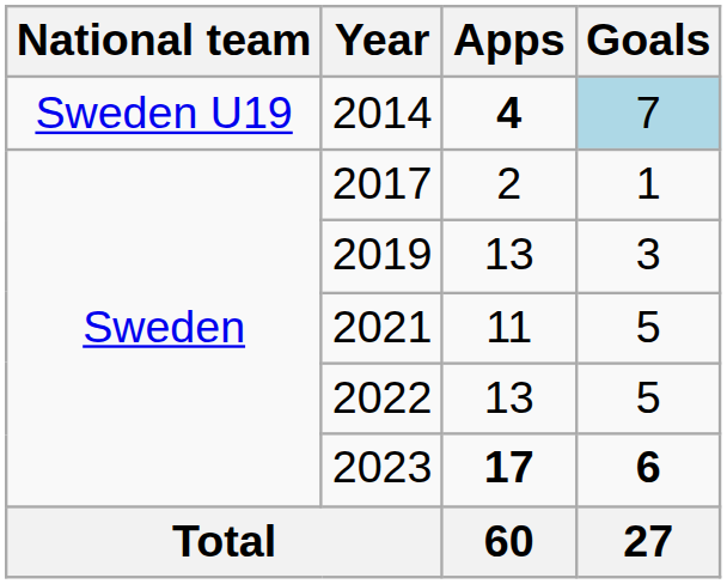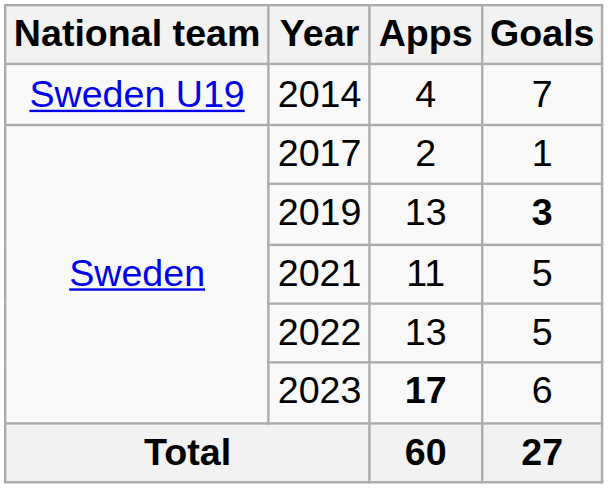 <table class="wikitable" style="text-align:center">
 <tr>
 <th>National team</th>
 <th>Year</th>
 <th>Apps</th>
 <th>Goals</th>
 </tr>
 <tr>
 <td><a href='#'>Sweden U19</a></td>
 <td>2014</td>
-<td><strong>4</strong></td>
-<td style="background: lightblue;">7</td>
+<td>4</td>
+<td>7</td>
 </tr>
 <tr>
 <td rowspan="5"><a href='#'>Sweden</a></td>
 <td>2017</td>
 <td>2</td>
 <td>1</td>
 </tr>
 <tr>
 <td>2019</td>
 <td>13</td>
-<td>3</td>
+<td><strong>3</strong></td>
 </tr>
 <tr>
 <td>2021</td>
 <td>11</td>
 <td>5</td>
 </tr>
 <tr>
 <td>2022</td>
 <td>13</td>
 <td>5</td>
 </tr>
 <tr>
 <td>2023</td>
 <td><strong>17</strong></td>
-<td><strong>6</strong></td>
+<td>6</td>
 </tr>
 <tr>
 <th colspan="2">Total</th>
 <th>60</th>
 <th>27</th>
 </tr>
 </table>
